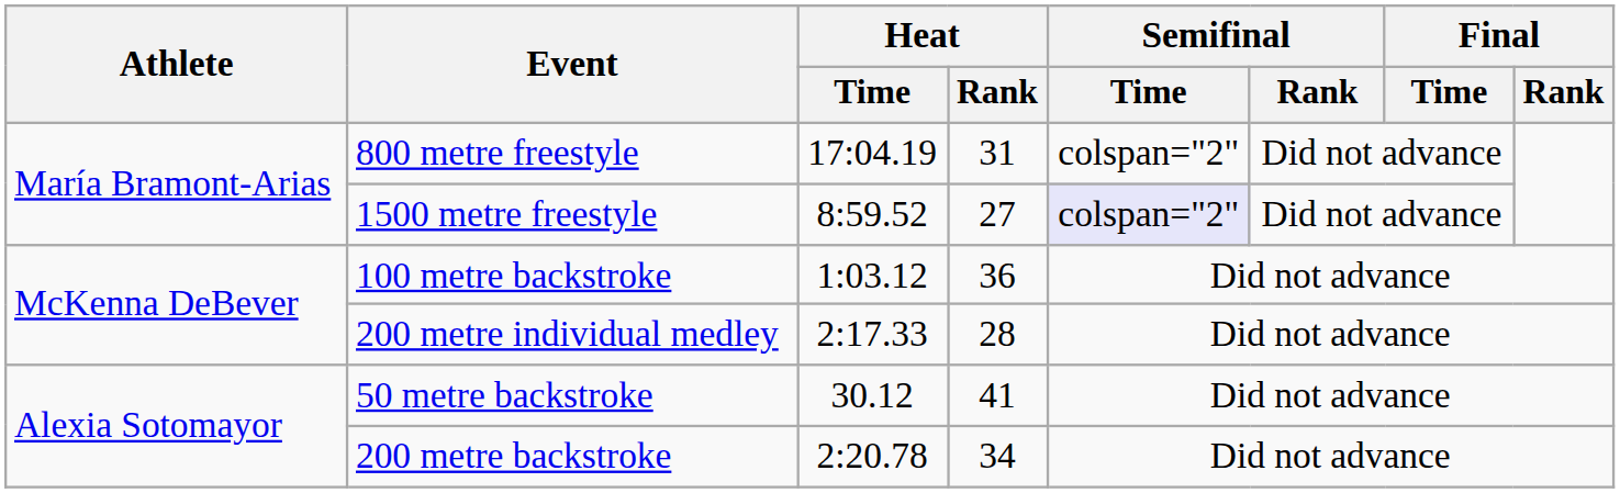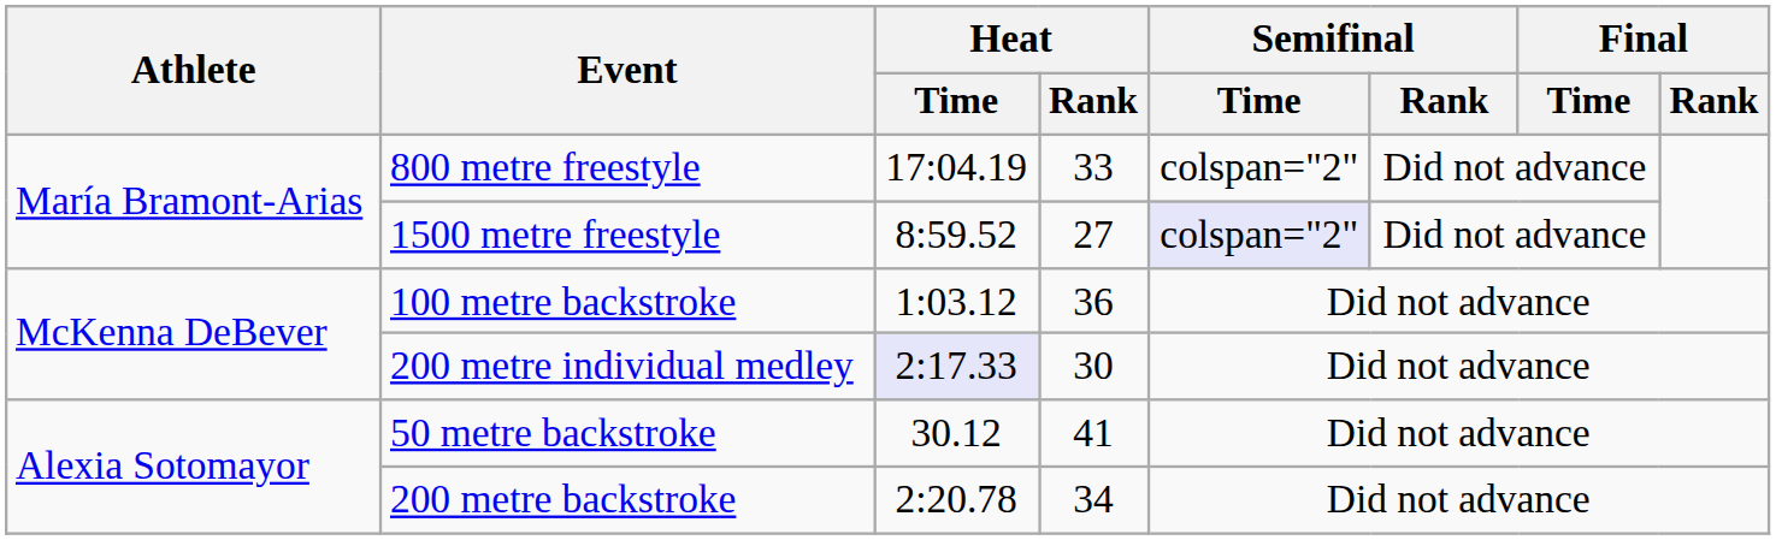 <table class="wikitable" style="text-align:center; font-size:90%; width:50%;">
 <tr>
 <th rowspan="2">Athlete</th>
 <th rowspan="2">Event</th>
 <th colspan="2">Heat</th>
 <th colspan="2">Semifinal</th>
 <th colspan="2">Final</th>
 </tr>
 <tr style="font-size:95%">
 <th>Time</th>
 <th>Rank</th>
 <th>Time</th>
 <th>Rank</th>
 <th>Time</th>
 <th>Rank</th>
 </tr>
 <tr>
 <td align=left rowspan=2><a href='#'>María Bramont-Arias</a></td>
 <td align=left><a href='#'>800 metre freestyle</a></td>
 <td>17:04.19</td>
-<td>31</td>
+<td>33</td>
 <td>colspan="2" </td>
 <td colspan="2">Did not advance</td>
 </tr>
 <tr>
 <td align=left><a href='#'>1500 metre freestyle</a></td>
 <td>8:59.52</td>
 <td>27</td>
 <td style="background: lavender;">colspan="2" </td>
 <td colspan="2">Did not advance</td>
 </tr>
 <tr>
 <td align=left rowspan=2><a href='#'>McKenna DeBever</a></td>
 <td align=left><a href='#'>100 metre backstroke</a></td>
 <td>1:03.12</td>
 <td>36</td>
 <td colspan=4>Did not advance</td>
 </tr>
 <tr>
 <td align=left><a href='#'>200 metre individual medley</a></td>
-<td>2:17.33</td>
-<td>28</td>
+<td style="background: lavender;">2:17.33</td>
+<td>30</td>
 <td colspan=4>Did not advance</td>
 </tr>
 <tr>
 <td align=left rowspan=2><a href='#'>Alexia Sotomayor</a></td>
 <td align=left><a href='#'>50 metre backstroke</a></td>
 <td>30.12</td>
 <td>41</td>
 <td colspan=4>Did not advance</td>
 </tr>
 <tr>
 <td align=left><a href='#'>200 metre backstroke</a></td>
 <td>2:20.78</td>
 <td>34</td>
 <td colspan=4>Did not advance</td>
 </tr>
 </table>
